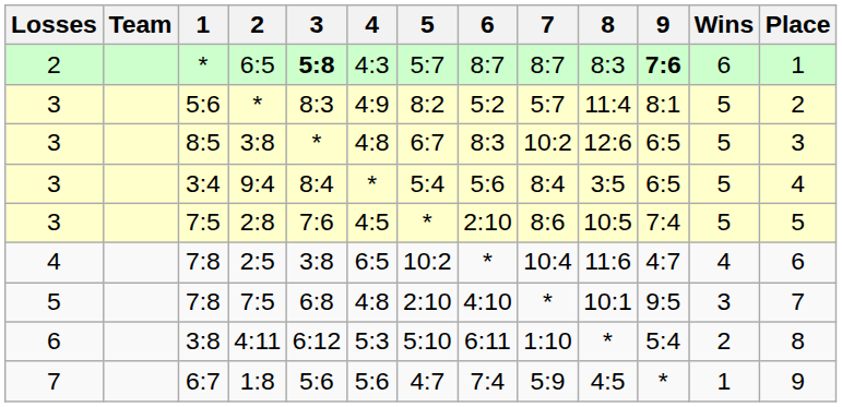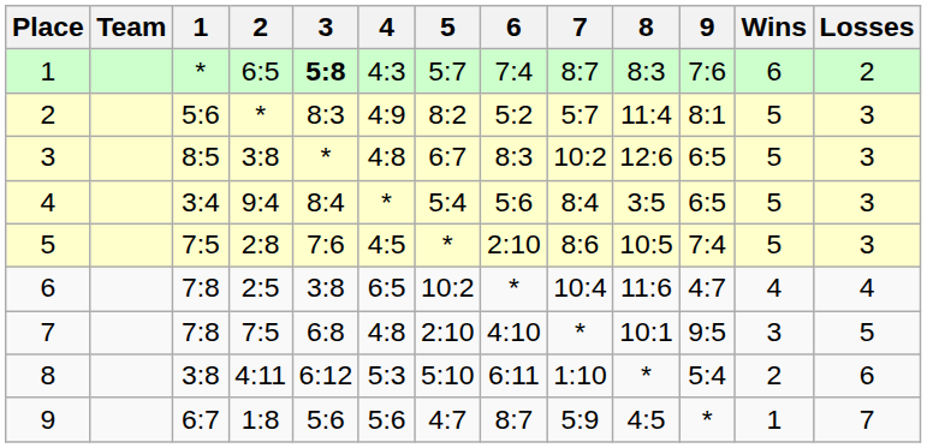 <table class="wikitable" style="text-align:center;">
 <tr>
-<th>Losses</th>
+<th>Place</th>
 <th>Team</th>
 <th width="25">1</th>
 <th width="25">2</th>
 <th width="25">3</th>
 <th width="25">4</th>
 <th width="25">5</th>
 <th width="25">6</th>
 <th width="25">7</th>
 <th width="25">8</th>
 <th width="25">9</th>
 <th>Wins</th>
-<th>Place</th>
+<th>Losses</th>
 </tr>
 <tr bgcolor=#cfc>
-<td>2</td>
+<td>1</td>
 <td align=left></td>
 <td>*</td>
 <td>6:5</td>
 <td><strong>5:8</strong></td>
 <td>4:3</td>
 <td>5:7</td>
-<td>8:7</td>
+<td>7:4</td>
 <td>8:7</td>
 <td>8:3</td>
-<td><strong>7:6</strong></td>
+<td>7:6</td>
 <td>6</td>
-<td>1</td>
+<td>2</td>
 </tr>
 <tr bgcolor=#ffc>
-<td>3</td>
+<td>2</td>
 <td align=left></td>
 <td>5:6</td>
 <td>*</td>
 <td>8:3</td>
 <td>4:9</td>
 <td>8:2</td>
 <td>5:2</td>
 <td>5:7</td>
 <td>11:4</td>
 <td>8:1</td>
 <td>5</td>
-<td>2</td>
+<td>3</td>
 </tr>
 <tr bgcolor=#ffc>
 <td>3</td>
 <td align=left></td>
 <td>8:5</td>
 <td>3:8</td>
 <td>*</td>
 <td>4:8</td>
 <td>6:7</td>
 <td>8:3</td>
 <td>10:2</td>
 <td>12:6</td>
 <td>6:5</td>
 <td>5</td>
 <td>3</td>
 </tr>
 <tr bgcolor=#ffc>
-<td>3</td>
+<td>4</td>
 <td align=left></td>
 <td>3:4</td>
 <td>9:4</td>
 <td>8:4</td>
 <td>*</td>
 <td>5:4</td>
 <td>5:6</td>
 <td>8:4</td>
 <td>3:5</td>
 <td>6:5</td>
 <td>5</td>
-<td>4</td>
+<td>3</td>
 </tr>
 <tr bgcolor=#ffc>
-<td>3</td>
+<td>5</td>
 <td align=left></td>
 <td>7:5</td>
 <td>2:8</td>
 <td>7:6</td>
 <td>4:5</td>
 <td>*</td>
 <td>2:10</td>
 <td>8:6</td>
 <td>10:5</td>
 <td>7:4</td>
 <td>5</td>
-<td>5</td>
+<td>3</td>
 </tr>
 <tr>
-<td>4</td>
+<td>6</td>
 <td align=left></td>
 <td>7:8</td>
 <td>2:5</td>
 <td>3:8</td>
 <td>6:5</td>
 <td>10:2</td>
 <td>*</td>
 <td>10:4</td>
 <td>11:6</td>
 <td>4:7</td>
 <td>4</td>
-<td>6</td>
+<td>4</td>
 </tr>
 <tr>
-<td>5</td>
+<td>7</td>
 <td align=left></td>
 <td>7:8</td>
 <td>7:5</td>
 <td>6:8</td>
 <td>4:8</td>
 <td>2:10</td>
 <td>4:10</td>
 <td>*</td>
 <td>10:1</td>
 <td>9:5</td>
 <td>3</td>
-<td>7</td>
+<td>5</td>
 </tr>
 <tr>
-<td>6</td>
+<td>8</td>
 <td align=left></td>
 <td>3:8</td>
 <td>4:11</td>
 <td>6:12</td>
 <td>5:3</td>
 <td>5:10</td>
 <td>6:11</td>
 <td>1:10</td>
 <td>*</td>
 <td>5:4</td>
 <td>2</td>
-<td>8</td>
+<td>6</td>
 </tr>
 <tr>
-<td>7</td>
+<td>9</td>
 <td align=left></td>
 <td>6:7</td>
 <td>1:8</td>
 <td>5:6</td>
 <td>5:6</td>
 <td>4:7</td>
-<td>7:4</td>
+<td>8:7</td>
 <td>5:9</td>
 <td>4:5</td>
 <td>*</td>
 <td>1</td>
-<td>9</td>
+<td>7</td>
 </tr>
 </table>
